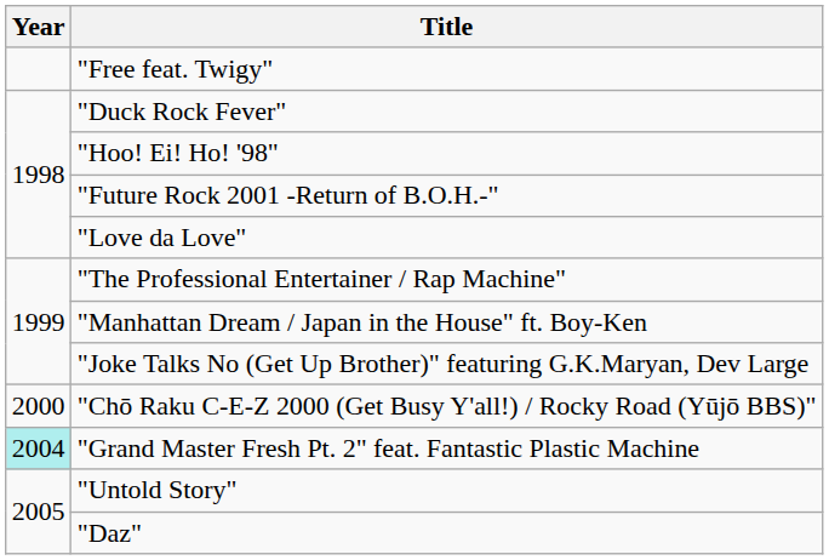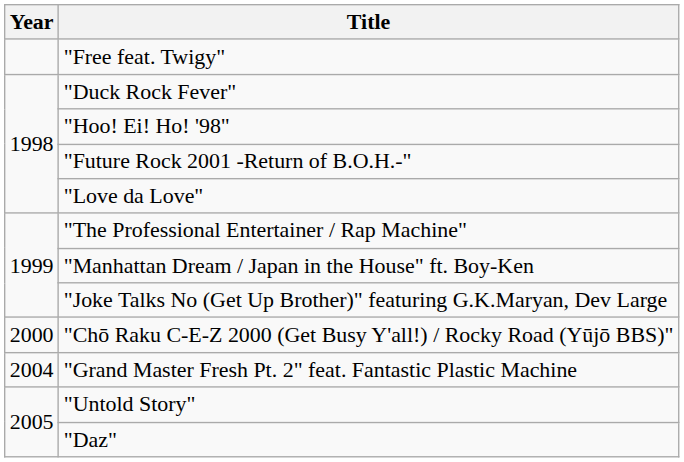 <table class="wikitable">
 <tr>
 <th>Year</th>
 <th>Title</th>
 </tr>
 <tr>
 <td></td>
 <td>"Free feat. Twigy"</td>
 </tr>
 <tr>
 <td rowspan="4">1998</td>
 <td>"Duck Rock Fever"</td>
 </tr>
 <tr>
 <td>"Hoo! Ei! Ho! '98"</td>
 </tr>
 <tr>
 <td>"Future Rock 2001 -Return of B.O.H.-"</td>
 </tr>
 <tr>
 <td>"Love da Love"</td>
 </tr>
 <tr>
 <td rowspan="3">1999</td>
 <td>"The Professional Entertainer / Rap Machine"</td>
 </tr>
 <tr>
 <td>"Manhattan Dream / Japan in the House" ft. Boy-Ken</td>
 </tr>
 <tr>
 <td>"Joke Talks No (Get Up Brother)" featuring G.K.Maryan, Dev Large</td>
 </tr>
 <tr>
 <td>2000</td>
 <td>"Chō Raku C-E-Z 2000 (Get Busy Y'all!) / Rocky Road (Yūjō BBS)"</td>
 </tr>
 <tr>
-<td style="background: paleturquoise;">2004</td>
+<td>2004</td>
 <td>"Grand Master Fresh Pt. 2" feat. Fantastic Plastic Machine</td>
 </tr>
 <tr>
 <td rowspan="2">2005</td>
 <td>"Untold Story"</td>
 </tr>
 <tr>
 <td>"Daz"</td>
 </tr>
 </table>
